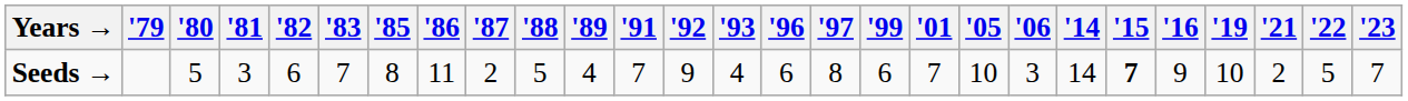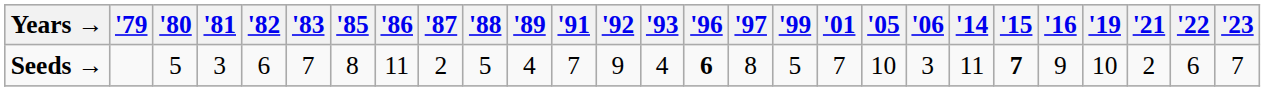 <table class="wikitable">
 <tr>
 <th>Years →</th>
 <th><a href='#'>'79</a></th>
 <th><a href='#'>'80</a></th>
 <th><a href='#'>'81</a></th>
 <th><a href='#'>'82</a></th>
 <th><a href='#'>'83</a></th>
 <th><a href='#'>'85</a></th>
 <th><a href='#'>'86</a></th>
 <th><a href='#'>'87</a></th>
 <th><a href='#'>'88</a></th>
 <th><a href='#'>'89</a></th>
 <th><a href='#'>'91</a></th>
 <th><a href='#'>'92</a></th>
 <th><a href='#'>'93</a></th>
 <th><a href='#'>'96</a></th>
 <th><a href='#'>'97</a></th>
 <th><a href='#'>'99</a></th>
 <th><a href='#'>'01</a></th>
 <th><a href='#'>'05</a></th>
 <th><a href='#'>'06</a></th>
 <th><a href='#'>'14</a></th>
 <th><a href='#'>'15</a></th>
 <th><a href='#'>'16</a></th>
 <th><a href='#'>'19</a></th>
 <th><a href='#'>'21</a></th>
 <th><a href='#'>'22</a></th>
 <th><a href='#'>'23</a></th>
 </tr>
 <tr style="text-align:center"center>
 <td style="text-align:left; "><strong>Seeds →</strong></td>
 <td></td>
 <td>5</td>
 <td>3</td>
 <td>6</td>
 <td>7</td>
 <td>8</td>
 <td>11</td>
 <td>2</td>
 <td>5</td>
 <td>4</td>
 <td>7</td>
 <td>9</td>
 <td>4</td>
-<td>6</td>
+<td><strong>6</strong></td>
 <td>8</td>
-<td>6</td>
+<td>5</td>
 <td>7</td>
 <td>10</td>
 <td>3</td>
-<td>14</td>
+<td>11</td>
 <td><strong>7</strong></td>
 <td>9</td>
 <td>10</td>
 <td>2</td>
-<td>5</td>
+<td>6</td>
 <td 8>7</td>
 </tr>
 </table>
